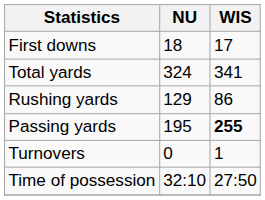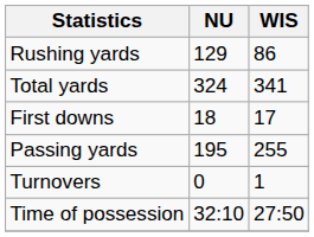 <table class="wikitable">
 <tr>
 <th>Statistics</th>
 <th>NU</th>
 <th>WIS</th>
 </tr>
 <tr>
-<td>First downs</td>
-<td>18</td>
-<td>17</td>
+<td>Rushing yards</td>
+<td>129</td>
+<td>86</td>
 </tr>
 <tr>
 <td>Total yards</td>
 <td>324</td>
 <td>341</td>
 </tr>
 <tr>
-<td>Rushing yards</td>
-<td>129</td>
-<td>86</td>
+<td>First downs</td>
+<td>18</td>
+<td>17</td>
 </tr>
 <tr>
 <td>Passing yards</td>
 <td>195</td>
-<td><strong>255</strong></td>
+<td>255</td>
 </tr>
 <tr>
 <td>Turnovers</td>
 <td>0</td>
 <td>1</td>
 </tr>
 <tr>
 <td>Time of possession</td>
 <td>32:10</td>
 <td>27:50</td>
 </tr>
 <tr>
 </tr>
 </table>
